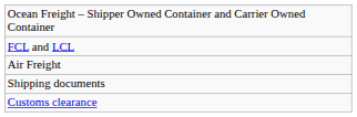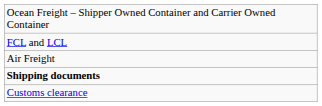 <table class="wikitable">
 <tr>
 <td width="460pt">Ocean Freight – Shipper Owned Container and Carrier Owned Container</td>
 </tr>
 <tr>
 <td><a href='#'>FCL</a> and <a href='#'>LCL</a></td>
 </tr>
 <tr>
 <td>Air Freight</td>
 </tr>
 <tr>
-<td>Shipping documents</td>
+<td><strong>Shipping documents</strong></td>
 </tr>
 <tr>
 <td><a href='#'>Customs clearance</a></td>
 </tr>
 </table>
